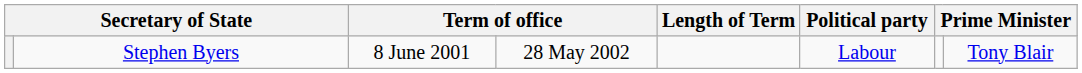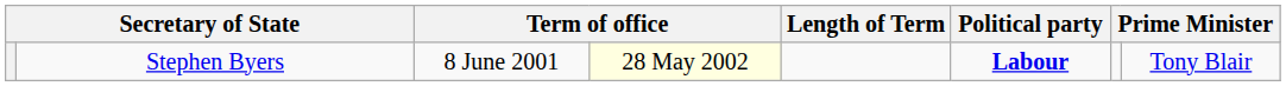 <table class="wikitable" style="text-align:center">
 <tr>
 <th colspan=2>Secretary of State</th>
 <th colspan=2 width=240>Term of office</th>
 <th>Length of Term</th>
 <th>Political party</th>
 <th colspan=2>Prime Minister</th>
 </tr>
 <tr style="height:1em">
 <th style="background-color:"></th>
 <td width=260><a href='#'>Stephen Byers</a><br></td>
 <td>8 June 2001</td>
-<td>28 May 2002</td>
+<td style="background: lightyellow;">28 May 2002</td>
 <td></td>
-<td width=100><a href='#'>Labour</a></td>
+<td width=100><strong><a href='#'>Labour</a></strong></td>
 <td style="background-color:"></td>
 <td width=100><a href='#'>Tony Blair</a></td>
 </tr>
 </table>
